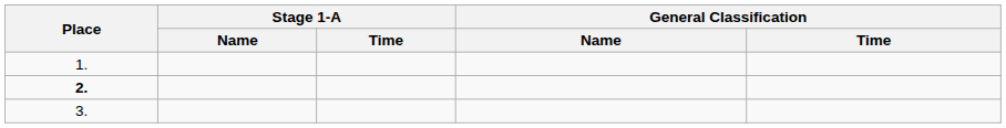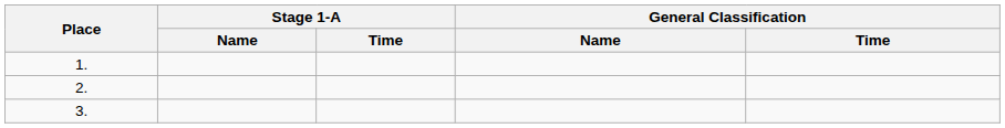 <table class=wikitable style="font-size:95%" width="80%">
 <tr>
 <th rowspan="2">Place</th>
 <th colspan="2">Stage 1-A</th>
 <th colspan="2">General Classification</th>
 </tr>
 <tr>
 <th>Name</th>
 <th>Time</th>
 <th>Name</th>
 <th>Time</th>
 </tr>
 <tr>
 <td align="center">1.</td>
 <td></td>
 <td></td>
 <td></td>
 <td></td>
 </tr>
 <tr>
-<td align="center"><strong>2.</strong></td>
+<td align="center">2.</td>
 <td></td>
 <td></td>
 <td></td>
 <td></td>
 </tr>
 <tr>
 <td align="center">3.</td>
 <td></td>
 <td></td>
 <td></td>
 <td></td>
 </tr>
 </table>
